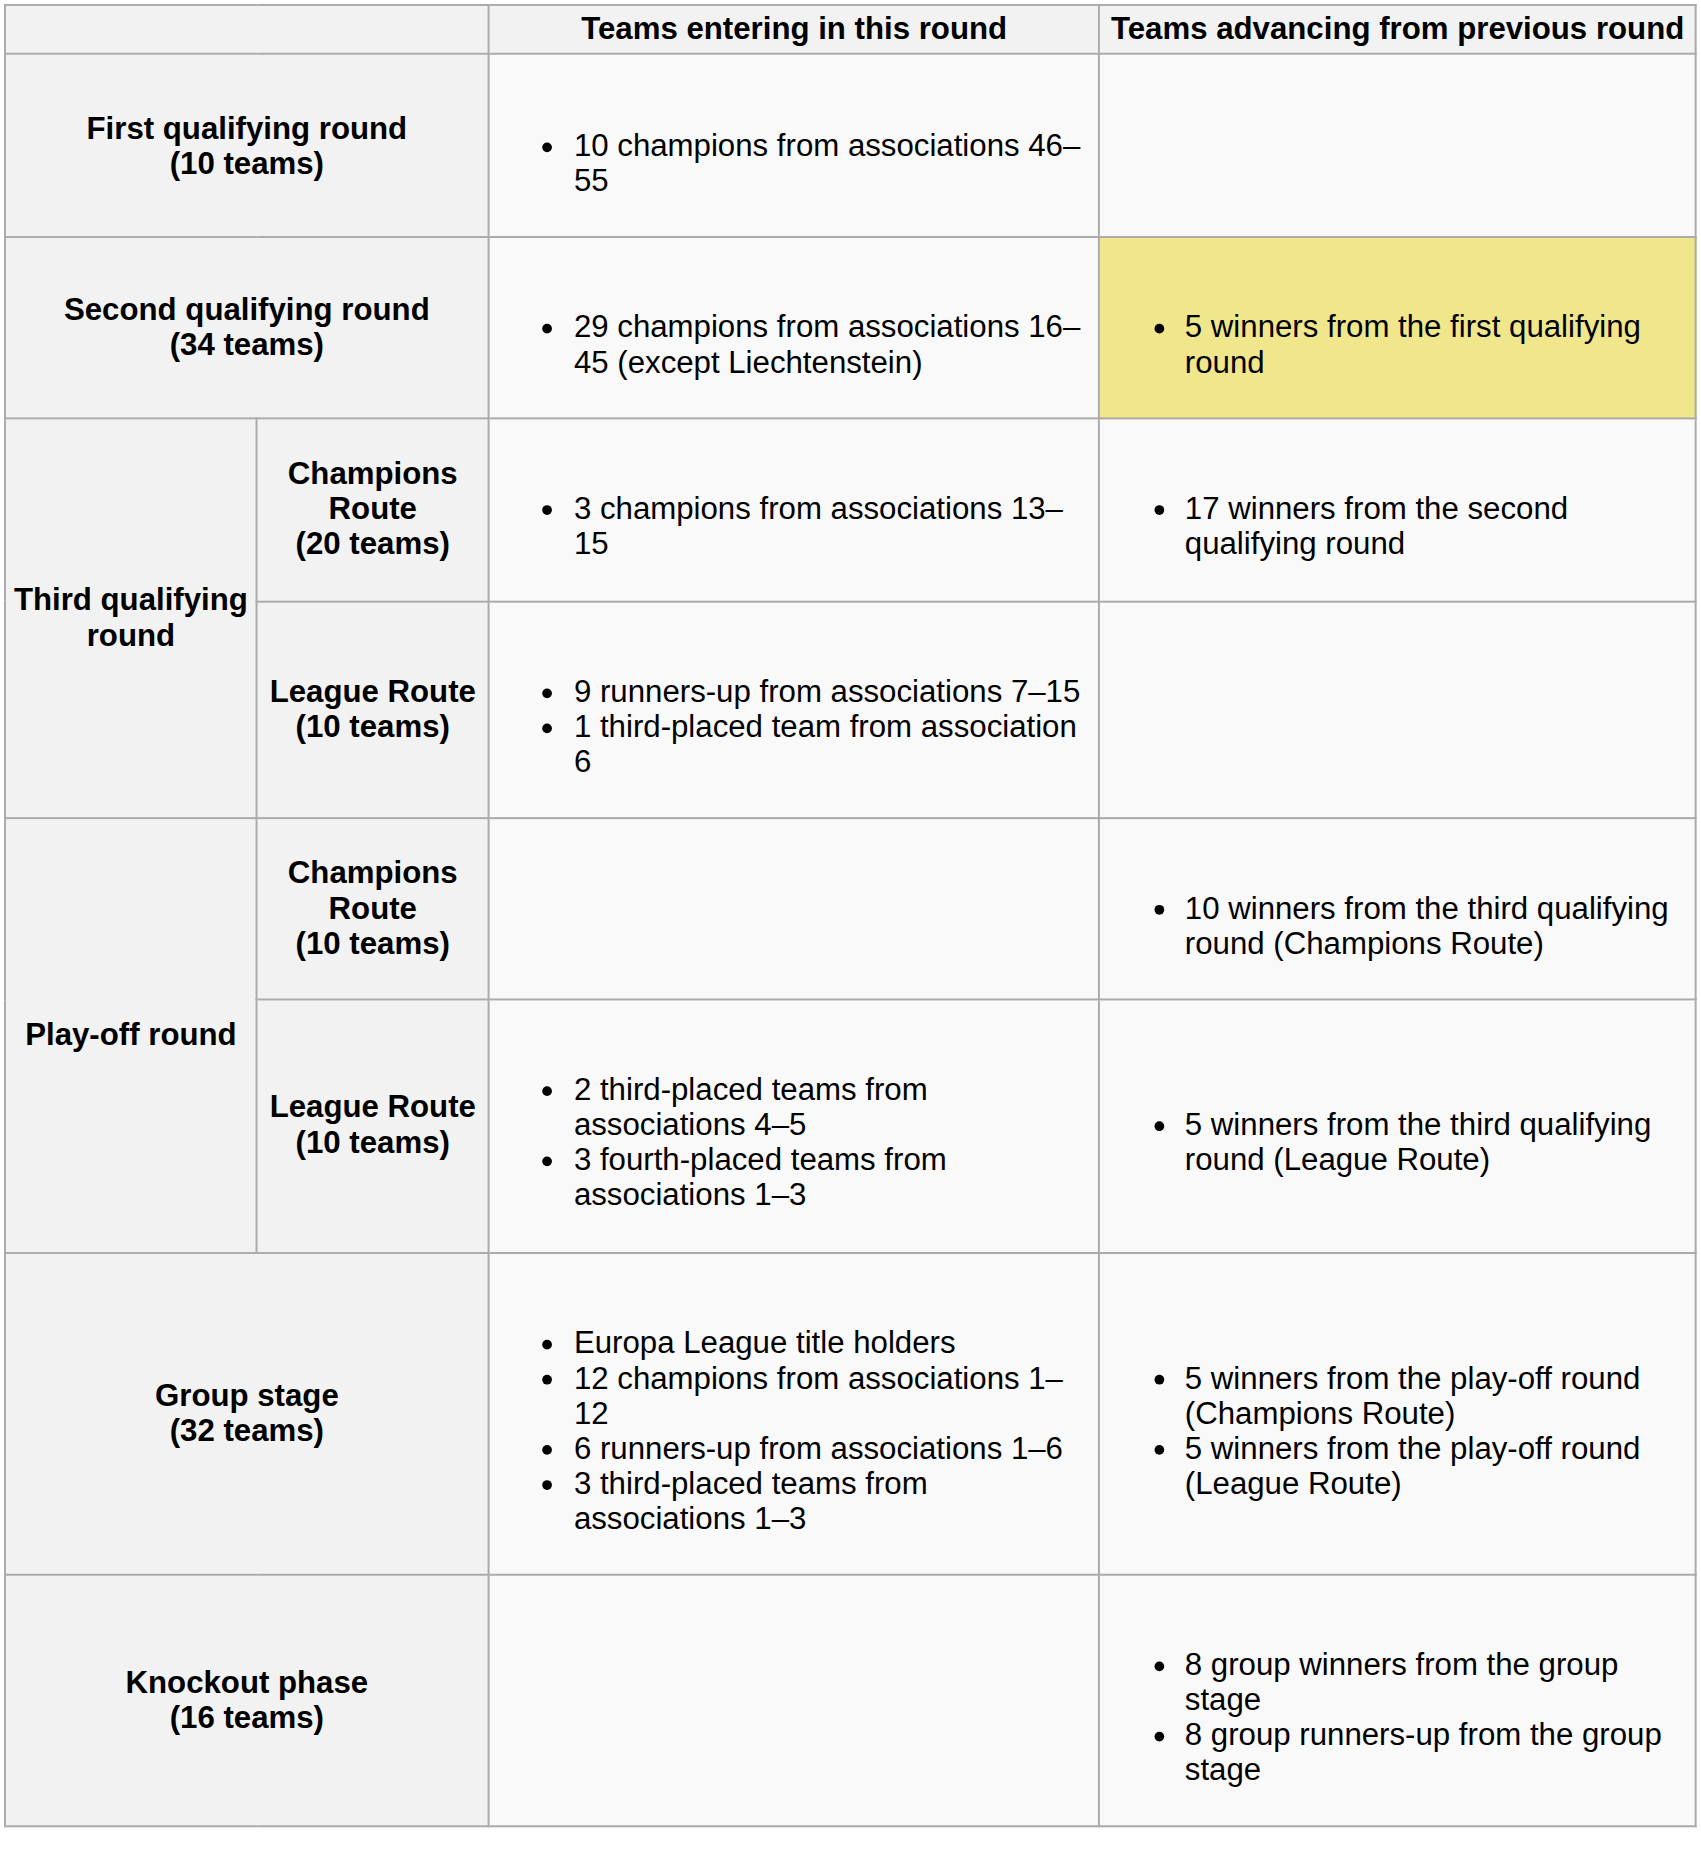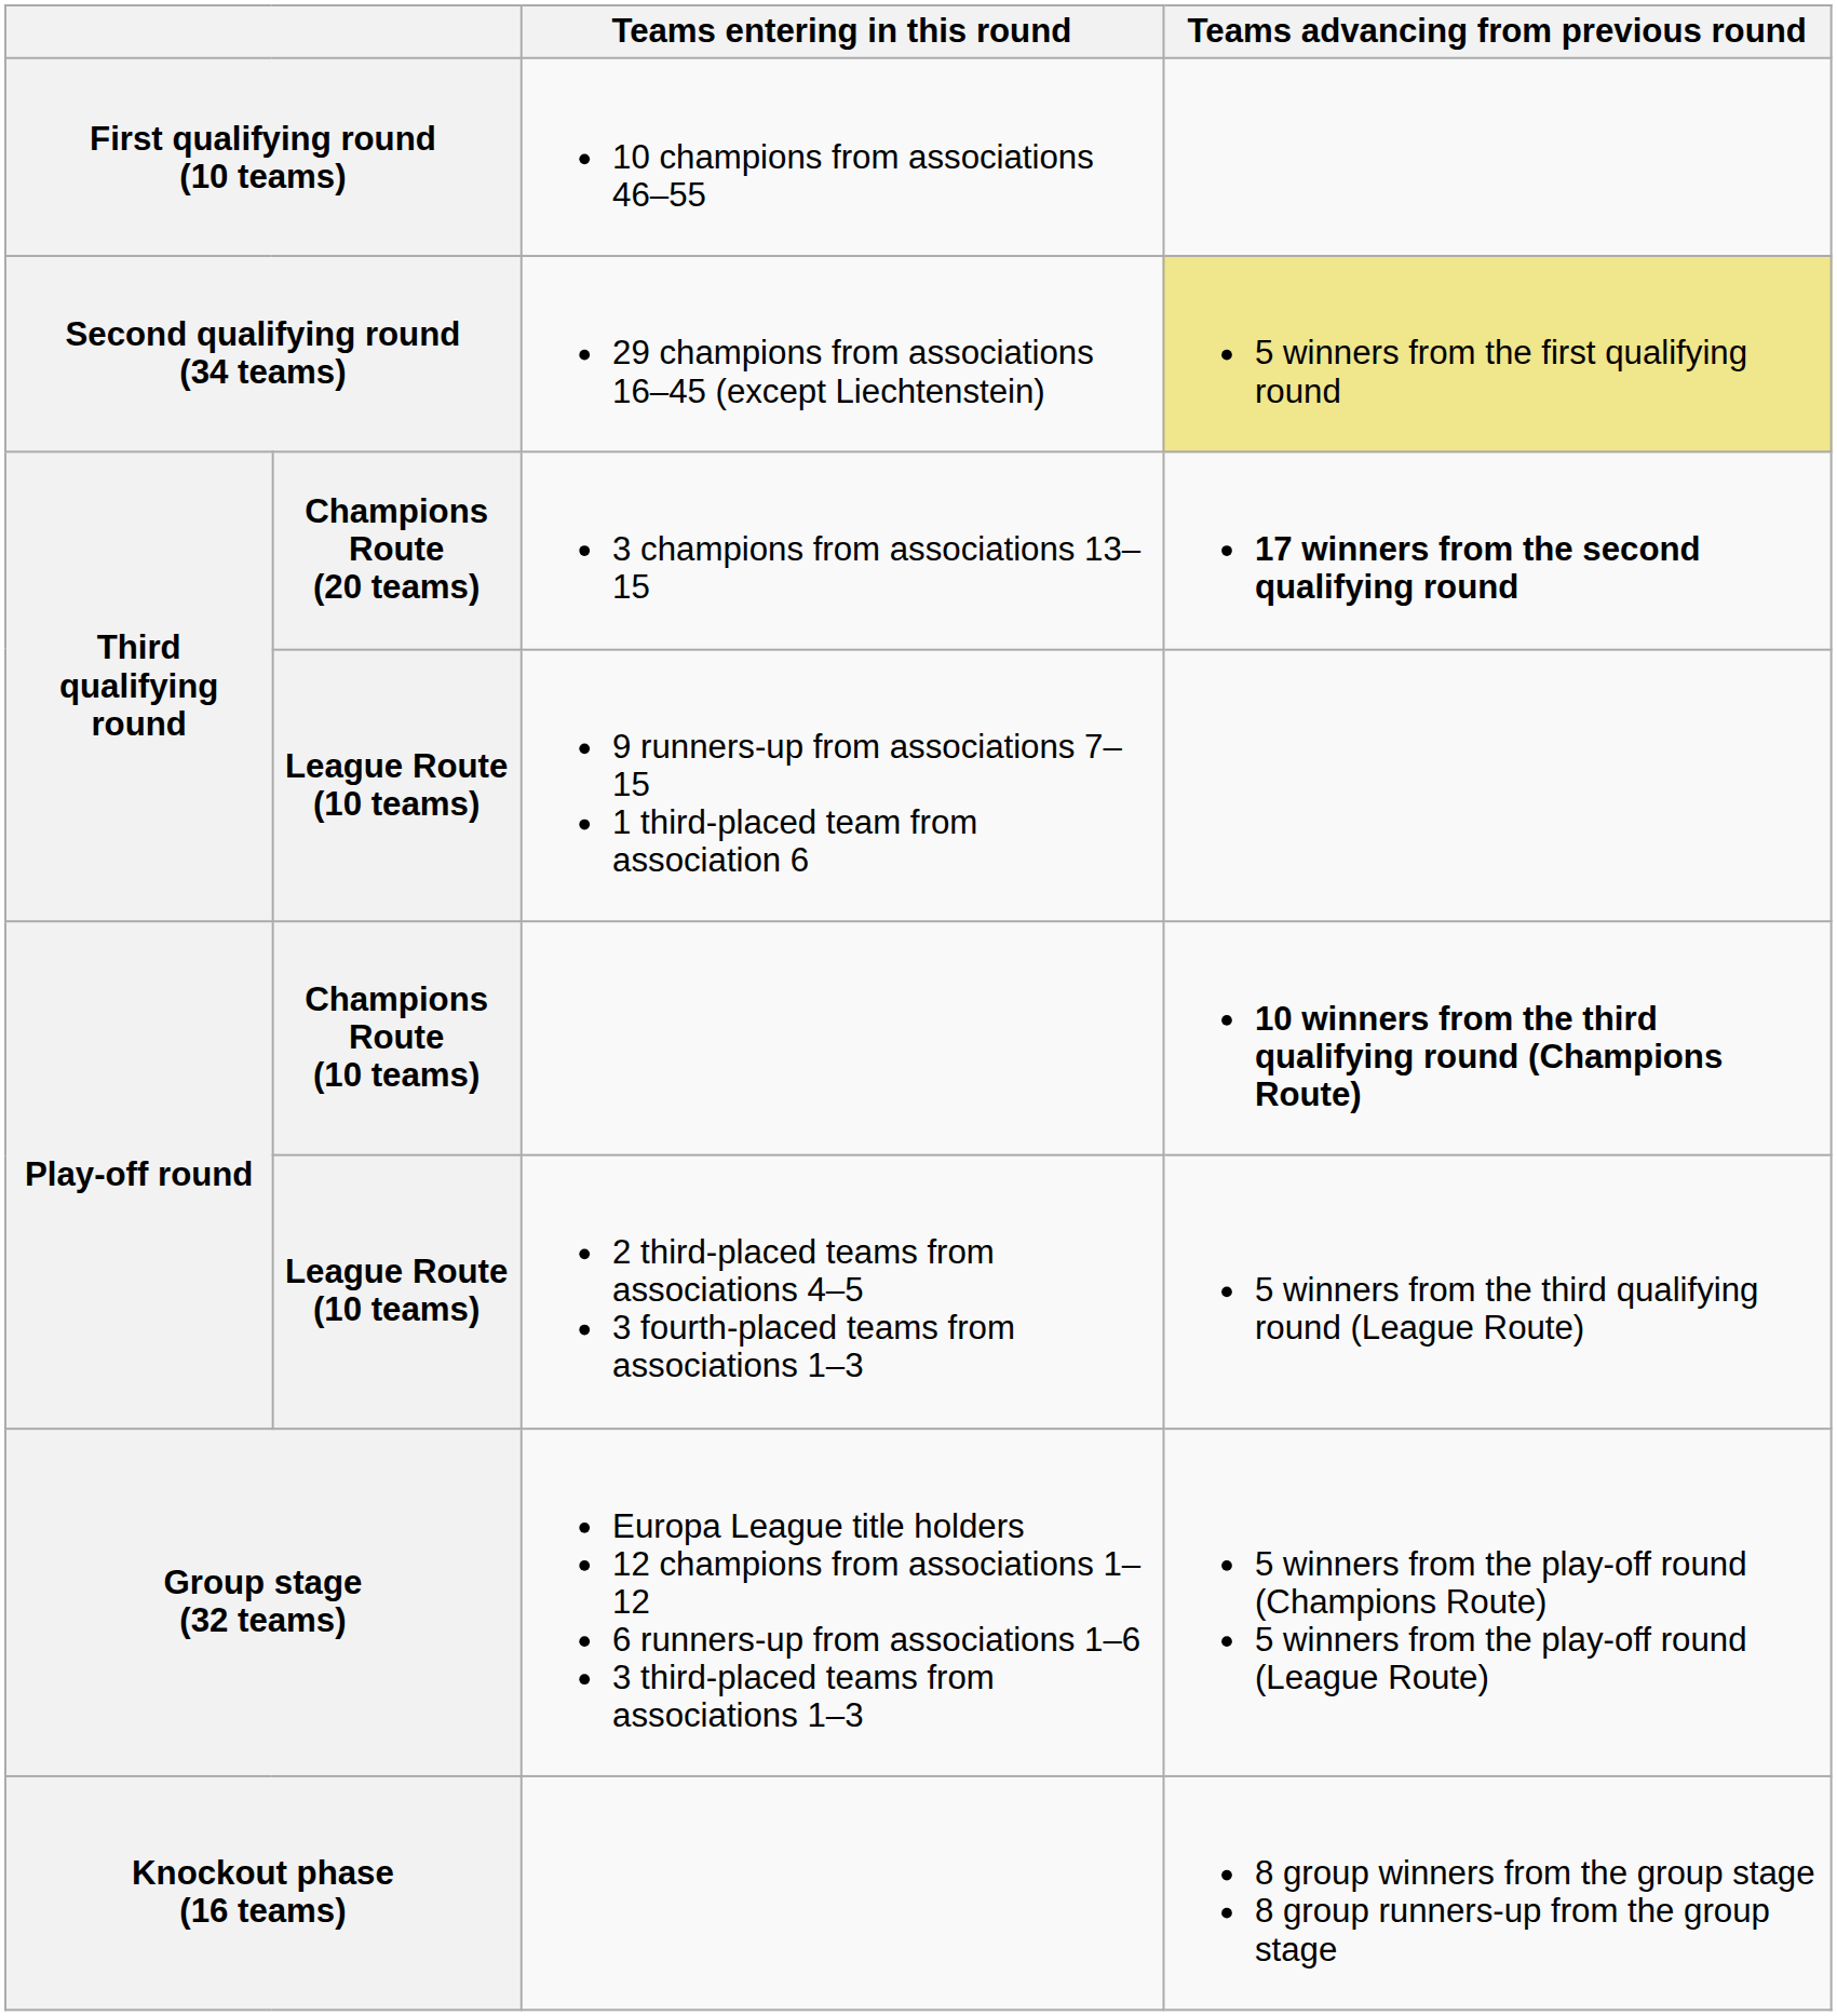 <table class="wikitable">
 <tr>
 <th colspan=2></th>
 <th>Teams entering in this round</th>
 <th>Teams advancing from previous round</th>
 </tr>
 <tr>
 <th colspan=2>First qualifying round<br>(10 teams)</th>
 <td><br><ul><li>10 champions from associations 46–55</li></ul></td>
 <td></td>
 </tr>
 <tr>
 <th colspan=2>Second qualifying round<br>(34 teams)</th>
 <td><br><ul><li>29 champions from associations 16–45 (except Liechtenstein)</li></ul></td>
 <td style="background: khaki;"><br><ul><li>5 winners from the first qualifying round</li></ul></td>
 </tr>
 <tr>
 <th rowspan=2>Third qualifying round</th>
 <th>Champions Route<br>(20 teams)</th>
 <td><br><ul><li>3 champions from associations 13–15</li></ul></td>
-<td><br><ul><li>17 winners from the second qualifying round</li></ul></td>
+<td><strong><br><ul><li>17 winners from the second qualifying round</li></ul></strong></td>
 </tr>
 <tr>
 <th>League Route<br>(10 teams)</th>
 <td><br><ul><li>9 runners-up from associations 7–15</li><li>1 third-placed team from association 6</li></ul></td>
 <td></td>
 </tr>
 <tr>
 <th rowspan=2>Play-off round</th>
 <th>Champions Route<br>(10 teams)</th>
 <td></td>
-<td><br><ul><li>10 winners from the third qualifying round (Champions Route)</li></ul></td>
+<td><strong><br><ul><li>10 winners from the third qualifying round (Champions Route)</li></ul></strong></td>
 </tr>
 <tr>
 <th>League Route<br>(10 teams)</th>
 <td><br><ul><li>2 third-placed teams from associations 4–5</li><li>3 fourth-placed teams from associations 1–3</li></ul></td>
 <td><br><ul><li>5 winners from the third qualifying round (League Route)</li></ul></td>
 </tr>
 <tr>
 <th colspan=2>Group stage<br>(32 teams)</th>
 <td><br><ul><li>Europa League title holders</li><li>12 champions from associations 1–12</li><li>6 runners-up from associations 1–6</li><li>3 third-placed teams from associations 1–3</li></ul></td>
 <td><br><ul><li>5 winners from the play-off round (Champions Route)</li><li>5 winners from the play-off round (League Route)</li></ul></td>
 </tr>
 <tr>
 <th colspan=2>Knockout phase<br>(16 teams)</th>
 <td></td>
 <td><br><ul><li>8 group winners from the group stage</li><li>8 group runners-up from the group stage</li></ul></td>
 </tr>
 </table>
